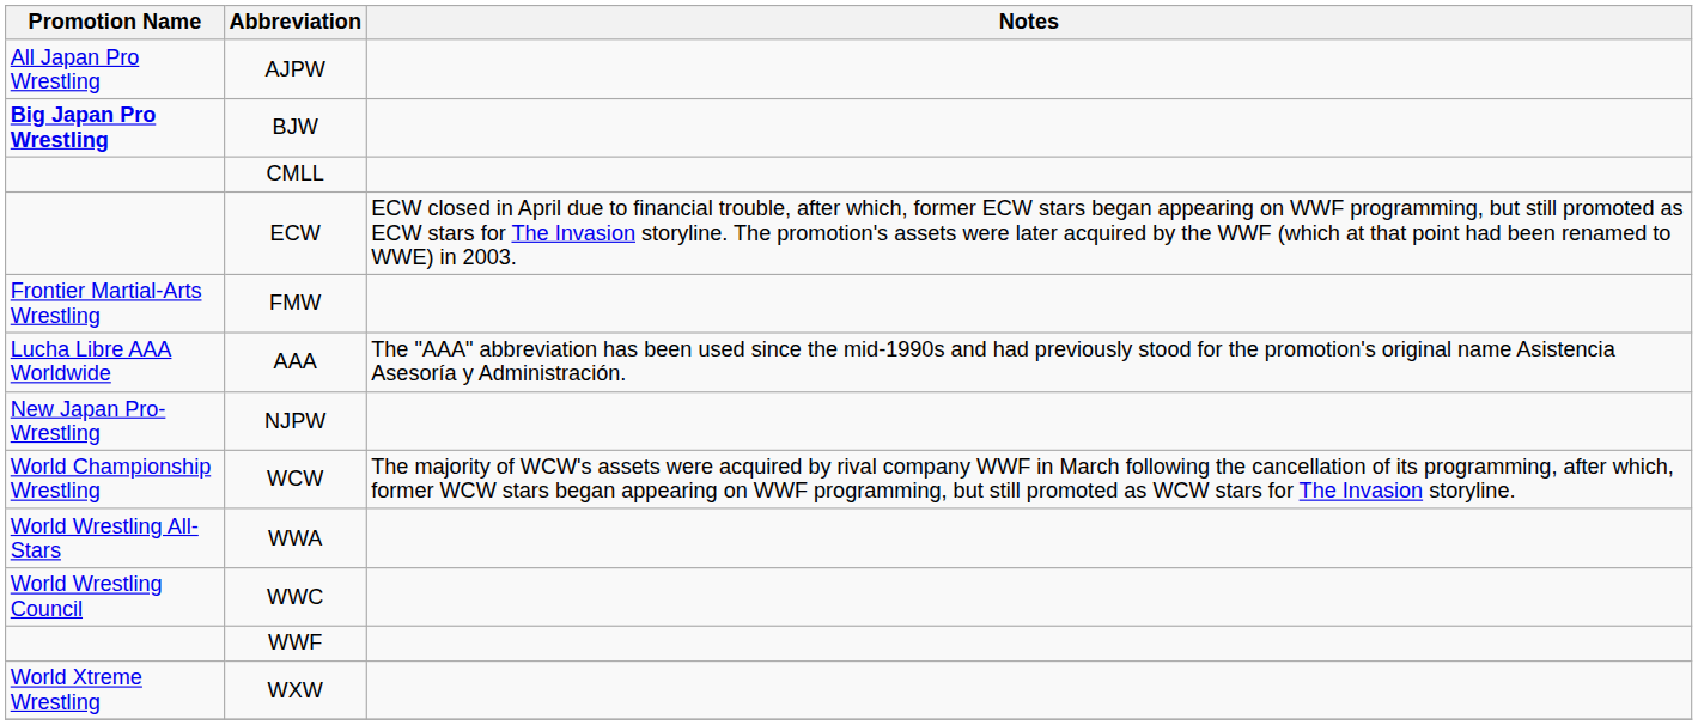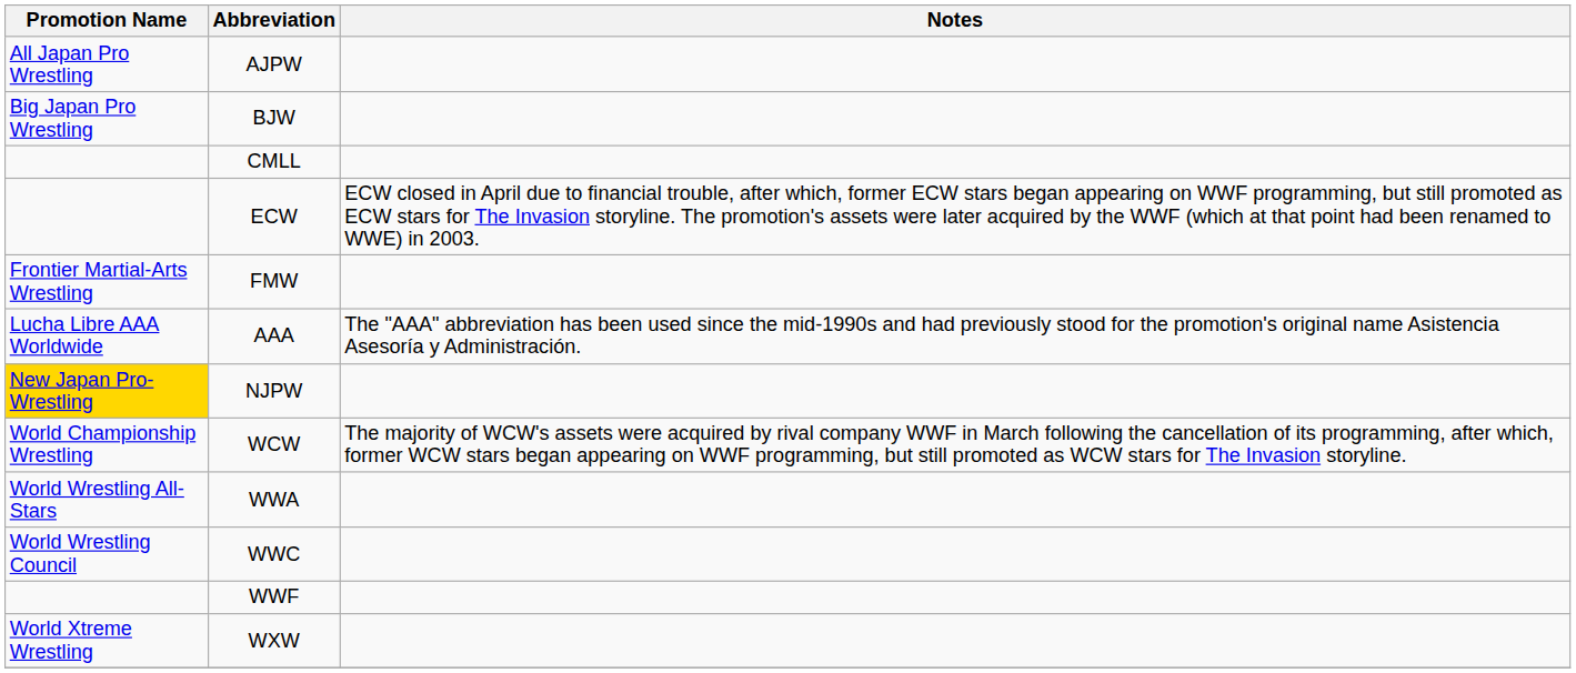 <table class="wikitable">
 <tr>
 <th>Promotion Name</th>
 <th>Abbreviation</th>
 <th>Notes</th>
 </tr>
 <tr>
 <td><a href='#'>All Japan Pro Wrestling</a></td>
 <td align=center>AJPW</td>
 <td></td>
 </tr>
 <tr>
-<td><strong><a href='#'>Big Japan Pro Wrestling</a></strong></td>
+<td><a href='#'>Big Japan Pro Wrestling</a></td>
 <td align=center>BJW</td>
 <td></td>
 </tr>
 <tr>
 <td></td>
 <td align=center>CMLL</td>
 <td></td>
 </tr>
 <tr>
 <td></td>
 <td align=center>ECW</td>
 <td>ECW closed in April due to financial trouble, after which, former ECW stars began appearing on WWF programming, but still promoted as ECW stars for <a href='#'>The Invasion</a> storyline. The promotion's assets were later acquired by the WWF (which at that point had been renamed to WWE) in 2003.</td>
 </tr>
 <tr>
 <td><a href='#'>Frontier Martial-Arts Wrestling</a></td>
 <td align=center>FMW</td>
 <td></td>
 </tr>
 <tr>
 <td><a href='#'>Lucha Libre AAA Worldwide</a></td>
 <td align=center>AAA</td>
 <td>The "AAA" abbreviation has been used since the mid-1990s and had previously stood for the promotion's original name Asistencia Asesoría y Administración.</td>
 </tr>
 <tr>
-<td><a href='#'>New Japan Pro-Wrestling</a></td>
+<td style="background: gold;"><a href='#'>New Japan Pro-Wrestling</a></td>
 <td align=center>NJPW</td>
 <td></td>
 </tr>
 <tr>
 <td><a href='#'>World Championship Wrestling</a></td>
 <td align=center>WCW</td>
 <td>The majority of WCW's assets were acquired by rival company WWF in March following the cancellation of its programming, after which, former WCW stars began appearing on WWF programming, but still promoted as WCW stars for <a href='#'>The Invasion</a> storyline.</td>
 </tr>
 <tr>
 <td><a href='#'>World Wrestling All-Stars</a></td>
 <td align=center>WWA</td>
 <td></td>
 </tr>
 <tr>
 <td><a href='#'>World Wrestling Council</a></td>
 <td align=center>WWC</td>
 <td></td>
 </tr>
 <tr>
 <td></td>
 <td align=center>WWF</td>
 <td></td>
 </tr>
 <tr>
 <td><a href='#'>World Xtreme Wrestling</a></td>
 <td align=center>WXW</td>
 <td></td>
 </tr>
 <tr>
 </tr>
 </table>
